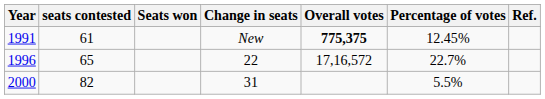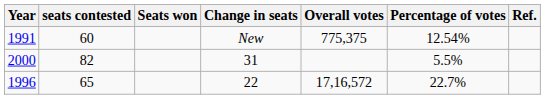 <table class="wikitable" style="text-align:center">
 <tr>
 <th Style="background-color:">Year</th>
 <th Style="background-color:">seats contested</th>
 <th Style="background-color:">Seats won</th>
 <th Style="background-color:">Change in seats</th>
 <th Style="background-color:">Overall votes</th>
 <th Style="background-color:">Percentage of votes</th>
 <th Style="background-color:">Ref.</th>
 </tr>
 <tr>
 <td><a href='#'>1991</a></td>
-<td>61</td>
+<td>60</td>
 <td></td>
 <td><em>New</em></td>
-<td><strong>775,375</strong></td>
-<td>12.45%</td>
+<td>775,375</td>
+<td>12.54%</td>
+<td></td>
+</tr>
+<tr>
+<td><a href='#'>2000</a></td>
+<td>82</td>
+<td></td>
+<td> 31</td>
+<td></td>
+<td>5.5%</td>
 <td></td>
 </tr>
 <tr>
 <td><a href='#'>1996</a></td>
 <td>65</td>
 <td></td>
 <td> 22</td>
 <td>17,16,572</td>
 <td>22.7%</td>
 <td></td>
 </tr>
-<tr>
-<td><a href='#'>2000</a></td>
-<td>82</td>
-<td></td>
-<td> 31</td>
-<td></td>
-<td>5.5%</td>
-<td></td>
-</tr>
 </table>
